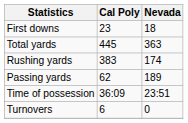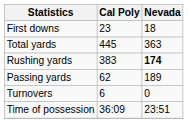 <table class="wikitable">
 <tr>
 <th>Statistics</th>
 <th>Cal Poly</th>
 <th>Nevada</th>
 </tr>
 <tr>
 <td>First downs</td>
 <td>23</td>
 <td>18</td>
 </tr>
 <tr>
 <td>Total yards</td>
 <td>445</td>
 <td>363</td>
 </tr>
 <tr>
 <td>Rushing yards</td>
 <td>383</td>
-<td>174</td>
+<td><strong>174</strong></td>
 </tr>
 <tr>
 <td>Passing yards</td>
 <td>62</td>
 <td>189</td>
 </tr>
 <tr>
+<td>Turnovers</td>
+<td>6</td>
+<td>0</td>
+</tr>
+<tr>
 <td>Time of possession</td>
 <td>36:09</td>
 <td>23:51</td>
 </tr>
 <tr>
-<td>Turnovers</td>
-<td>6</td>
-<td>0</td>
-</tr>
-<tr>
 </tr>
 </table>
